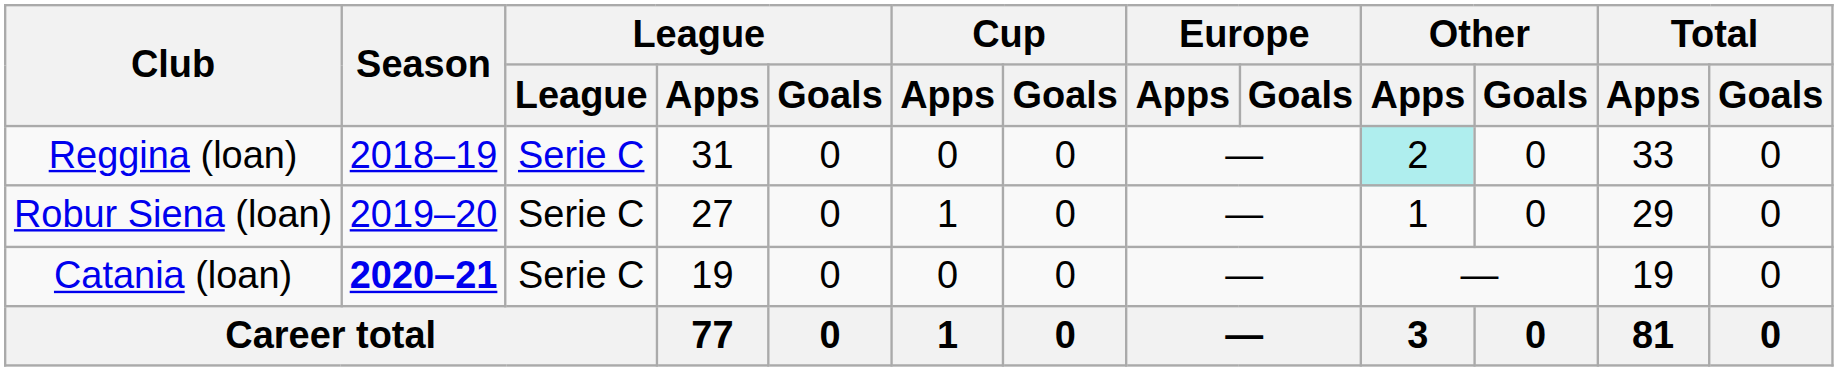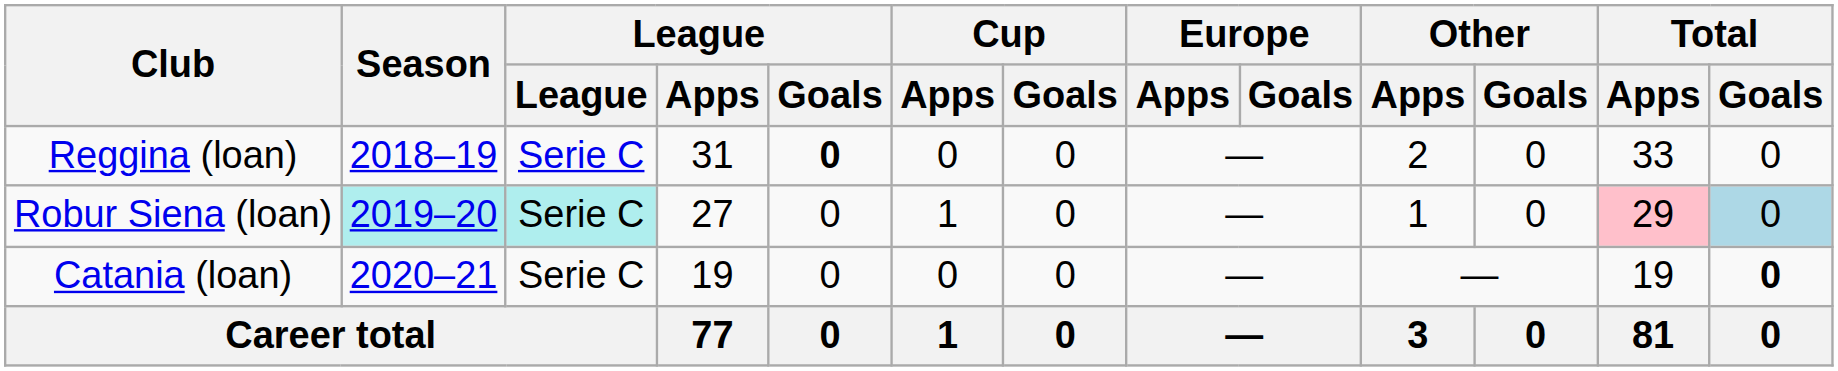 <table class="wikitable" style="text-align: center;">
 <tr>
 <th rowspan="2">Club</th>
 <th rowspan="2">Season</th>
 <th colspan="3">League</th>
 <th colspan="2">Cup</th>
 <th colspan="2">Europe</th>
 <th colspan="2">Other</th>
 <th colspan="2">Total</th>
 </tr>
 <tr>
 <th>League</th>
 <th>Apps</th>
 <th>Goals</th>
 <th>Apps</th>
 <th>Goals</th>
 <th>Apps</th>
 <th>Goals</th>
 <th>Apps</th>
 <th>Goals</th>
 <th>Apps</th>
 <th>Goals</th>
 </tr>
 <tr>
 <td><a href='#'>Reggina</a> (loan)</td>
 <td><a href='#'>2018–19</a></td>
 <td><a href='#'>Serie C</a></td>
 <td>31</td>
-<td>0</td>
+<td><strong>0</strong></td>
 <td>0</td>
 <td>0</td>
 <td colspan="2">—</td>
-<td style="background: paleturquoise;">2</td>
+<td>2</td>
 <td>0</td>
 <td>33</td>
 <td>0</td>
 </tr>
 <tr>
 <td><a href='#'>Robur Siena</a> (loan)</td>
-<td><a href='#'>2019–20</a></td>
-<td>Serie C</td>
+<td style="background: paleturquoise;"><a href='#'>2019–20</a></td>
+<td style="background: paleturquoise;">Serie C</td>
 <td>27</td>
 <td>0</td>
 <td>1</td>
 <td>0</td>
 <td colspan="2">—</td>
 <td>1</td>
 <td>0</td>
-<td>29</td>
-<td>0</td>
+<td style="background: pink;">29</td>
+<td style="background: lightblue;">0</td>
 </tr>
 <tr>
 <td><a href='#'>Catania</a> (loan)</td>
-<td><strong><a href='#'>2020–21</a></strong></td>
+<td><a href='#'>2020–21</a></td>
 <td>Serie C</td>
 <td>19</td>
 <td>0</td>
 <td>0</td>
 <td>0</td>
 <td colspan="2">—</td>
 <td colspan="2">—</td>
 <td>19</td>
-<td>0</td>
+<td><strong>0</strong></td>
 </tr>
 <tr>
 <th colspan="3">Career total</th>
 <th>77</th>
 <th>0</th>
 <th>1</th>
 <th>0</th>
 <th colspan="2">—</th>
 <th 2>3</th>
 <th>0</th>
 <th>81</th>
 <th>0</th>
 </tr>
 </table>
